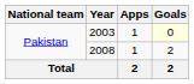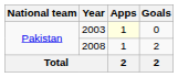 <table class="wikitable" style="text-align:center">
 <tr>
 <th>National team</th>
 <th>Year</th>
 <th>Apps</th>
 <th>Goals</th>
 </tr>
 <tr>
 <td rowspan="2"><a href='#'>Pakistan</a></td>
 <td>2003</td>
-<td>1</td>
-<td style="background: lightyellow;">0</td>
+<td style="background: lightyellow;">1</td>
+<td>0</td>
 </tr>
 <tr>
 <td>2008</td>
 <td>1</td>
 <td>2</td>
 </tr>
 <tr>
 <th colspan="2">Total</th>
 <th>2</th>
 <th>2</th>
 </tr>
 </table>
